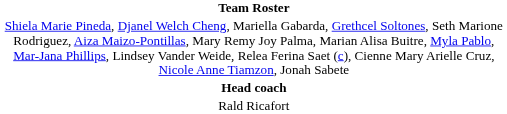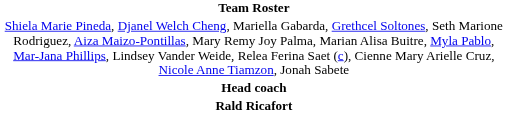 <table style="text-align:center; margin-top:2em; margin-left:auto; margin-right:auto">
 <tr>
 <td><strong>Team Roster</strong></td>
 </tr>
 <tr>
 <td><a href='#'>Shiela Marie Pineda</a>, <a href='#'>Djanel Welch Cheng</a>, Mariella Gabarda, <a href='#'>Grethcel Soltones</a>, Seth Marione Rodriguez, <a href='#'>Aiza Maizo-Pontillas</a>, Mary Remy Joy Palma, Marian Alisa Buitre, <a href='#'>Myla Pablo</a>, <a href='#'>Mar-Jana Phillips</a>, Lindsey Vander Weide, Relea Ferina Saet (<a href='#'>c</a>), Cienne Mary Arielle Cruz, <a href='#'>Nicole Anne Tiamzon</a>, Jonah Sabete</td>
 </tr>
 <tr>
 <td><strong>Head coach</strong></td>
 </tr>
 <tr>
-<td>Rald Ricafort</td>
+<td><strong>Rald Ricafort</strong></td>
 </tr>
 </table>
